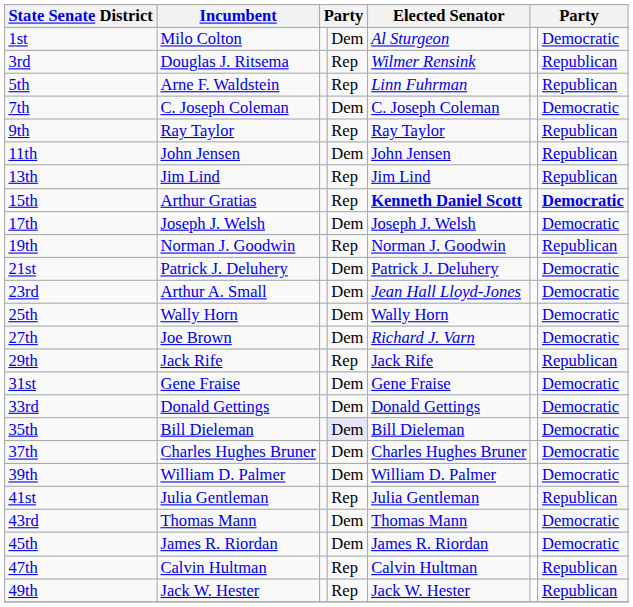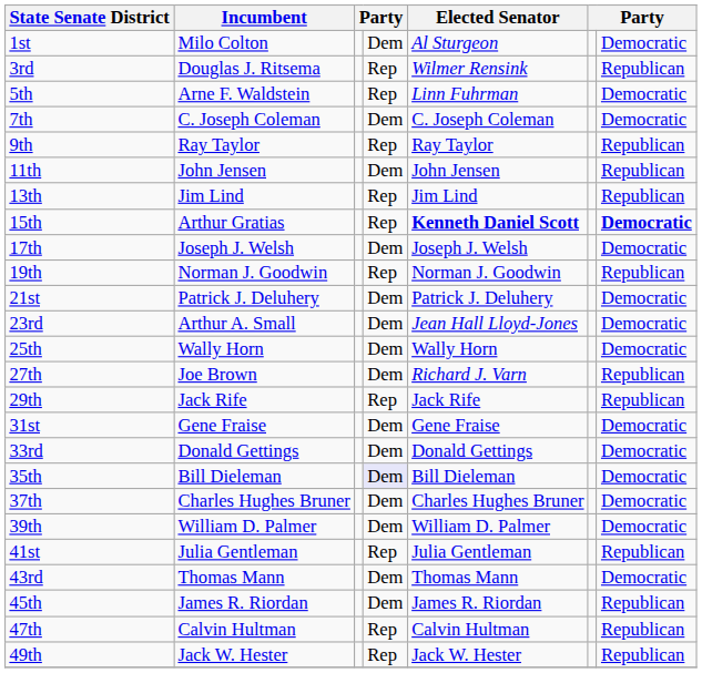 <table class="sortable wikitable" style="font-size:95%;line-height:14px;">
 <tr>
 <th class="unsortable"><a href='#'>State Senate</a> District</th>
 <th class="unsortable"><a href='#'>Incumbent</a></th>
 <th colspan="2">Party</th>
 <th class="unsortable">Elected Senator</th>
 <th colspan="2">Party</th>
 </tr>
 <tr>
 <td><a href='#'>1st</a></td>
 <td><a href='#'>Milo Colton</a></td>
 <td style="background:"></td>
 <td>Dem</td>
 <td><em><a href='#'>Al Sturgeon</a></em></td>
 <td style="background:"></td>
 <td><a href='#'>Democratic</a></td>
 </tr>
 <tr>
 <td><a href='#'>3rd</a></td>
 <td><a href='#'>Douglas J. Ritsema</a></td>
 <td style="background:"></td>
 <td>Rep</td>
 <td><em><a href='#'>Wilmer Rensink</a></em></td>
 <td style="background:"></td>
 <td><a href='#'>Republican</a></td>
 </tr>
 <tr>
 <td><a href='#'>5th</a></td>
 <td><a href='#'>Arne F. Waldstein</a></td>
 <td style="background:"></td>
 <td>Rep</td>
 <td><em><a href='#'>Linn Fuhrman</a></em></td>
 <td style="background:"></td>
-<td><a href='#'>Republican</a></td>
+<td><a href='#'>Democratic</a></td>
 </tr>
 <tr>
 <td><a href='#'>7th</a></td>
 <td><a href='#'>C. Joseph Coleman</a></td>
 <td style="background:"></td>
 <td>Dem</td>
 <td><a href='#'>C. Joseph Coleman</a></td>
 <td style="background:"></td>
 <td><a href='#'>Democratic</a></td>
 </tr>
 <tr>
 <td><a href='#'>9th</a></td>
 <td><a href='#'>Ray Taylor</a></td>
 <td style="background:"></td>
 <td>Rep</td>
 <td><a href='#'>Ray Taylor</a></td>
 <td style="background:"></td>
 <td><a href='#'>Republican</a></td>
 </tr>
 <tr>
 <td><a href='#'>11th</a></td>
 <td><a href='#'>John Jensen</a></td>
 <td style="background:"></td>
 <td>Dem</td>
 <td><a href='#'>John Jensen</a></td>
 <td style="background:"></td>
 <td><a href='#'>Republican</a></td>
 </tr>
 <tr>
 <td><a href='#'>13th</a></td>
 <td><a href='#'>Jim Lind</a></td>
 <td style="background:"></td>
 <td>Rep</td>
 <td><a href='#'>Jim Lind</a></td>
 <td style="background:"></td>
 <td><a href='#'>Republican</a></td>
 </tr>
 <tr>
 <td><a href='#'>15th</a></td>
 <td><a href='#'>Arthur Gratias</a></td>
 <td style="background:"></td>
 <td>Rep</td>
 <td><strong><a href='#'>Kenneth Daniel Scott</a></strong></td>
 <td style="background:"></td>
 <td><strong><a href='#'>Democratic</a></strong></td>
 </tr>
 <tr>
 <td><a href='#'>17th</a></td>
 <td><a href='#'>Joseph J. Welsh</a></td>
 <td style="background:"></td>
 <td>Dem</td>
 <td><a href='#'>Joseph J. Welsh</a></td>
 <td style="background:"></td>
 <td><a href='#'>Democratic</a></td>
 </tr>
 <tr>
 <td><a href='#'>19th</a></td>
 <td><a href='#'>Norman J. Goodwin</a></td>
 <td style="background:"></td>
 <td>Rep</td>
 <td><a href='#'>Norman J. Goodwin</a></td>
 <td style="background:"></td>
 <td><a href='#'>Republican</a></td>
 </tr>
 <tr>
 <td><a href='#'>21st</a></td>
 <td><a href='#'>Patrick J. Deluhery</a></td>
 <td style="background:"></td>
 <td>Dem</td>
 <td><a href='#'>Patrick J. Deluhery</a></td>
 <td style="background:"></td>
 <td><a href='#'>Democratic</a></td>
 </tr>
 <tr>
 <td><a href='#'>23rd</a></td>
 <td><a href='#'>Arthur A. Small</a></td>
 <td style="background:"></td>
 <td>Dem</td>
 <td><em><a href='#'>Jean Hall Lloyd-Jones</a></em></td>
 <td style="background:"></td>
 <td><a href='#'>Democratic</a></td>
 </tr>
 <tr>
 <td><a href='#'>25th</a></td>
 <td><a href='#'>Wally Horn</a></td>
 <td style="background:"></td>
 <td>Dem</td>
 <td><a href='#'>Wally Horn</a></td>
 <td style="background:"></td>
 <td><a href='#'>Democratic</a></td>
 </tr>
 <tr>
 <td><a href='#'>27th</a></td>
 <td><a href='#'>Joe Brown</a></td>
 <td style="background:"></td>
 <td>Dem</td>
 <td><em><a href='#'>Richard J. Varn</a></em></td>
 <td style="background:"></td>
-<td><a href='#'>Democratic</a></td>
+<td><a href='#'>Republican</a></td>
 </tr>
 <tr>
 <td><a href='#'>29th</a></td>
 <td><a href='#'>Jack Rife</a></td>
 <td style="background:"></td>
 <td>Rep</td>
 <td><a href='#'>Jack Rife</a></td>
 <td style="background:"></td>
 <td><a href='#'>Republican</a></td>
 </tr>
 <tr>
 <td><a href='#'>31st</a></td>
 <td><a href='#'>Gene Fraise</a></td>
 <td style="background:"></td>
 <td>Dem</td>
 <td><a href='#'>Gene Fraise</a></td>
 <td style="background:"></td>
 <td><a href='#'>Democratic</a></td>
 </tr>
 <tr>
 <td><a href='#'>33rd</a></td>
 <td><a href='#'>Donald Gettings</a></td>
 <td style="background:"></td>
 <td>Dem</td>
 <td><a href='#'>Donald Gettings</a></td>
 <td style="background:"></td>
 <td><a href='#'>Democratic</a></td>
 </tr>
 <tr>
 <td><a href='#'>35th</a></td>
 <td><a href='#'>Bill Dieleman</a></td>
 <td style="background:"></td>
 <td style="background: lavender;">Dem</td>
 <td><a href='#'>Bill Dieleman</a></td>
 <td style="background:"></td>
 <td><a href='#'>Democratic</a></td>
 </tr>
 <tr>
 <td><a href='#'>37th</a></td>
 <td><a href='#'>Charles Hughes Bruner</a></td>
 <td style="background:"></td>
 <td>Dem</td>
 <td><a href='#'>Charles Hughes Bruner</a></td>
 <td style="background:"></td>
 <td><a href='#'>Democratic</a></td>
 </tr>
 <tr>
 <td><a href='#'>39th</a></td>
 <td><a href='#'>William D. Palmer</a></td>
 <td style="background:"></td>
 <td>Dem</td>
 <td><a href='#'>William D. Palmer</a></td>
 <td style="background:"></td>
 <td><a href='#'>Democratic</a></td>
 </tr>
 <tr>
 <td><a href='#'>41st</a></td>
 <td><a href='#'>Julia Gentleman</a></td>
 <td style="background:"></td>
 <td>Rep</td>
 <td><a href='#'>Julia Gentleman</a></td>
 <td style="background:"></td>
 <td><a href='#'>Republican</a></td>
 </tr>
 <tr>
 <td><a href='#'>43rd</a></td>
 <td><a href='#'>Thomas Mann</a></td>
 <td style="background:"></td>
 <td>Dem</td>
 <td><a href='#'>Thomas Mann</a></td>
 <td style="background:"></td>
 <td><a href='#'>Democratic</a></td>
 </tr>
 <tr>
 <td><a href='#'>45th</a></td>
 <td><a href='#'>James R. Riordan</a></td>
 <td style="background:"></td>
 <td>Dem</td>
 <td><a href='#'>James R. Riordan</a></td>
 <td style="background:"></td>
-<td><a href='#'>Democratic</a></td>
+<td><a href='#'>Republican</a></td>
 </tr>
 <tr>
 <td><a href='#'>47th</a></td>
 <td><a href='#'>Calvin Hultman</a></td>
 <td style="background:"></td>
 <td>Rep</td>
 <td><a href='#'>Calvin Hultman</a></td>
 <td style="background:"></td>
 <td><a href='#'>Republican</a></td>
 </tr>
 <tr>
 <td><a href='#'>49th</a></td>
 <td><a href='#'>Jack W. Hester</a></td>
 <td style="background:"></td>
 <td>Rep</td>
 <td><a href='#'>Jack W. Hester</a></td>
 <td style="background:"></td>
 <td><a href='#'>Republican</a></td>
 </tr>
 <tr>
 </tr>
 </table>
